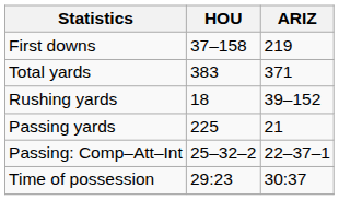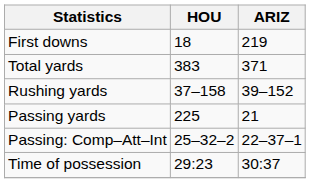 <table class="wikitable" style="float: left;">
 <tr>
 <th>Statistics</th>
 <th>HOU</th>
 <th>ARIZ</th>
 </tr>
 <tr>
 <td>First downs</td>
-<td>37–158</td>
+<td>18</td>
 <td>219</td>
 </tr>
 <tr>
 <td>Total yards</td>
 <td>383</td>
 <td>371</td>
 </tr>
 <tr>
 <td>Rushing yards</td>
-<td>18</td>
+<td>37–158</td>
 <td>39–152</td>
 </tr>
 <tr>
 <td>Passing yards</td>
 <td>225</td>
 <td>21</td>
 </tr>
 <tr>
 <td>Passing: Comp–Att–Int</td>
 <td>25–32–2</td>
 <td>22–37–1</td>
 </tr>
 <tr>
 <td>Time of possession</td>
 <td>29:23</td>
 <td>30:37</td>
 </tr>
 <tr>
 </tr>
 </table>
